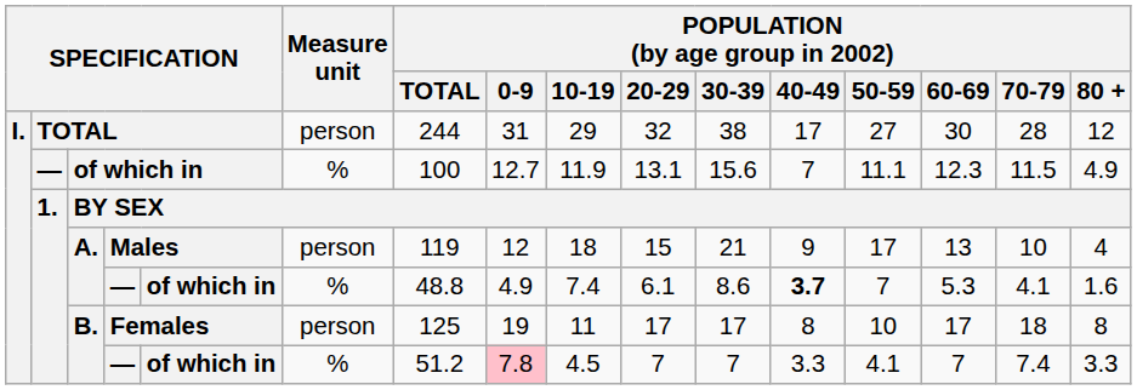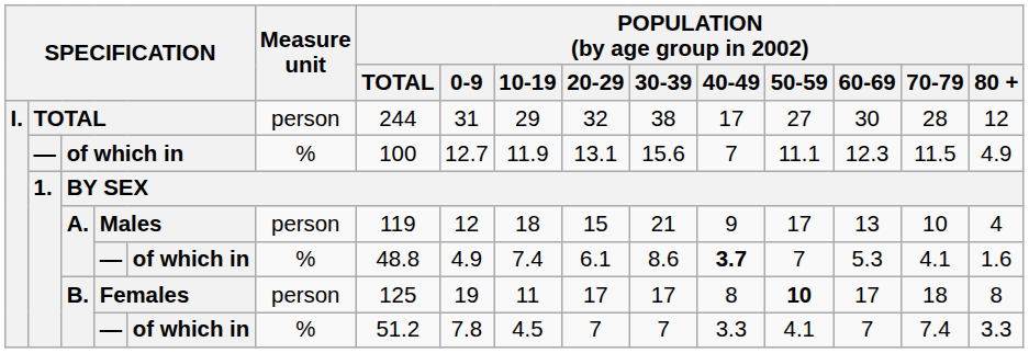 <table class="wikitable" style="font-size:85%; text-align:center">
 <tr>
 <th rowspan="2" colspan="5">SPECIFICATION</th>
 <th rowspan="2">Measure<br> unit</th>
 <th colspan="10" rowspan="1">POPULATION<br> (by age group in 2002)</th>
 </tr>
 <tr>
 <th>TOTAL</th>
 <th>0-9</th>
 <th>10-19</th>
 <th>20-29</th>
 <th>30-39</th>
 <th>40-49</th>
 <th>50-59</th>
 <th>60-69</th>
 <th>70-79</th>
 <th>80 +</th>
 </tr>
 <tr>
 <th style="text-align:left" valign="top" rowspan="7">I.</th>
 <th style="text-align:left" colspan="4">TOTAL</th>
 <td>person</td>
 <td>244</td>
 <td>31</td>
 <td>29</td>
 <td>32</td>
 <td>38</td>
 <td>17</td>
 <td>27</td>
 <td>30</td>
 <td>28</td>
 <td>12</td>
 </tr>
 <tr>
 <th style="text-align:left" valign="top">—</th>
 <th style="text-align:left" colspan="3">of which in</th>
 <td>%</td>
 <td>100</td>
 <td>12.7</td>
 <td>11.9</td>
 <td>13.1</td>
 <td>15.6</td>
 <td>7</td>
 <td>11.1</td>
 <td>12.3</td>
 <td>11.5</td>
 <td>4.9</td>
 </tr>
 <tr>
 <th style="text-align:left" valign="top" rowspan="5">1.</th>
 <th style="text-align:left" colspan="14">BY SEX</th>
 </tr>
 <tr>
 <th style="text-align:left" valign="top" rowspan="2">A.</th>
 <th style="text-align:left" colspan="2">Males</th>
 <td>person</td>
 <td>119</td>
 <td>12</td>
 <td>18</td>
 <td>15</td>
 <td>21</td>
 <td>9</td>
 <td>17</td>
 <td>13</td>
 <td>10</td>
 <td>4</td>
 </tr>
 <tr>
 <th style="text-align:left" valign="top">—</th>
 <th style="text-align:left" colspan="1">of which in</th>
 <td>%</td>
 <td>48.8</td>
 <td>4.9</td>
 <td>7.4</td>
 <td>6.1</td>
 <td>8.6</td>
 <td><strong>3.7</strong></td>
 <td>7</td>
 <td>5.3</td>
 <td>4.1</td>
 <td>1.6</td>
 </tr>
 <tr>
 <th style="text-align:left" valign="top" rowspan="2">B.</th>
 <th style="text-align:left" colspan="2">Females</th>
 <td>person</td>
 <td>125</td>
 <td>19</td>
 <td>11</td>
 <td>17</td>
 <td>17</td>
 <td>8</td>
-<td>10</td>
+<td><strong>10</strong></td>
 <td>17</td>
 <td>18</td>
 <td>8</td>
 </tr>
 <tr>
 <th style="text-align:left" valign="top">—</th>
 <th style="text-align:left" colspan="1">of which in</th>
 <td>%</td>
 <td>51.2</td>
-<td style="background: pink;">7.8</td>
+<td>7.8</td>
 <td>4.5</td>
 <td>7</td>
 <td>7</td>
 <td>3.3</td>
 <td>4.1</td>
 <td>7</td>
 <td>7.4</td>
 <td>3.3</td>
 </tr>
 </table>
